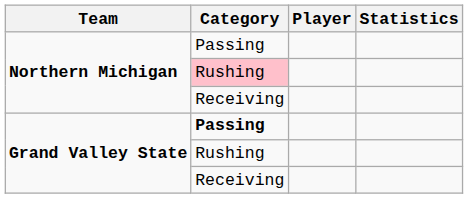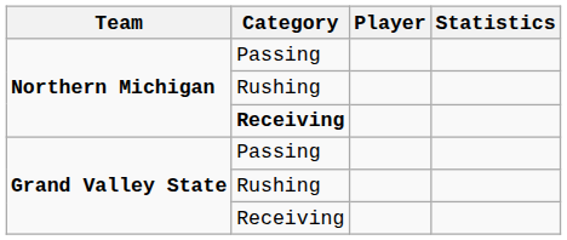 <table class="wikitable" style="float: right;">
 <tr>
 <th>Team</th>
 <th>Category</th>
 <th>Player</th>
 <th>Statistics</th>
 </tr>
 <tr>
 <td rowspan=3><strong>Northern Michigan</strong></td>
 <td>Passing</td>
 <td></td>
 <td></td>
 </tr>
 <tr>
-<td style="background: pink;">Rushing</td>
+<td>Rushing</td>
 <td></td>
 <td></td>
 </tr>
 <tr>
-<td>Receiving</td>
+<td><strong>Receiving</strong></td>
 <td></td>
 <td></td>
 </tr>
 <tr>
 <td rowspan=3><strong>Grand Valley State</strong></td>
-<td><strong>Passing</strong></td>
+<td>Passing</td>
 <td></td>
 <td></td>
 </tr>
 <tr>
 <td>Rushing</td>
 <td></td>
 <td></td>
 </tr>
 <tr>
 <td>Receiving</td>
 <td></td>
 <td></td>
 </tr>
 </table>
